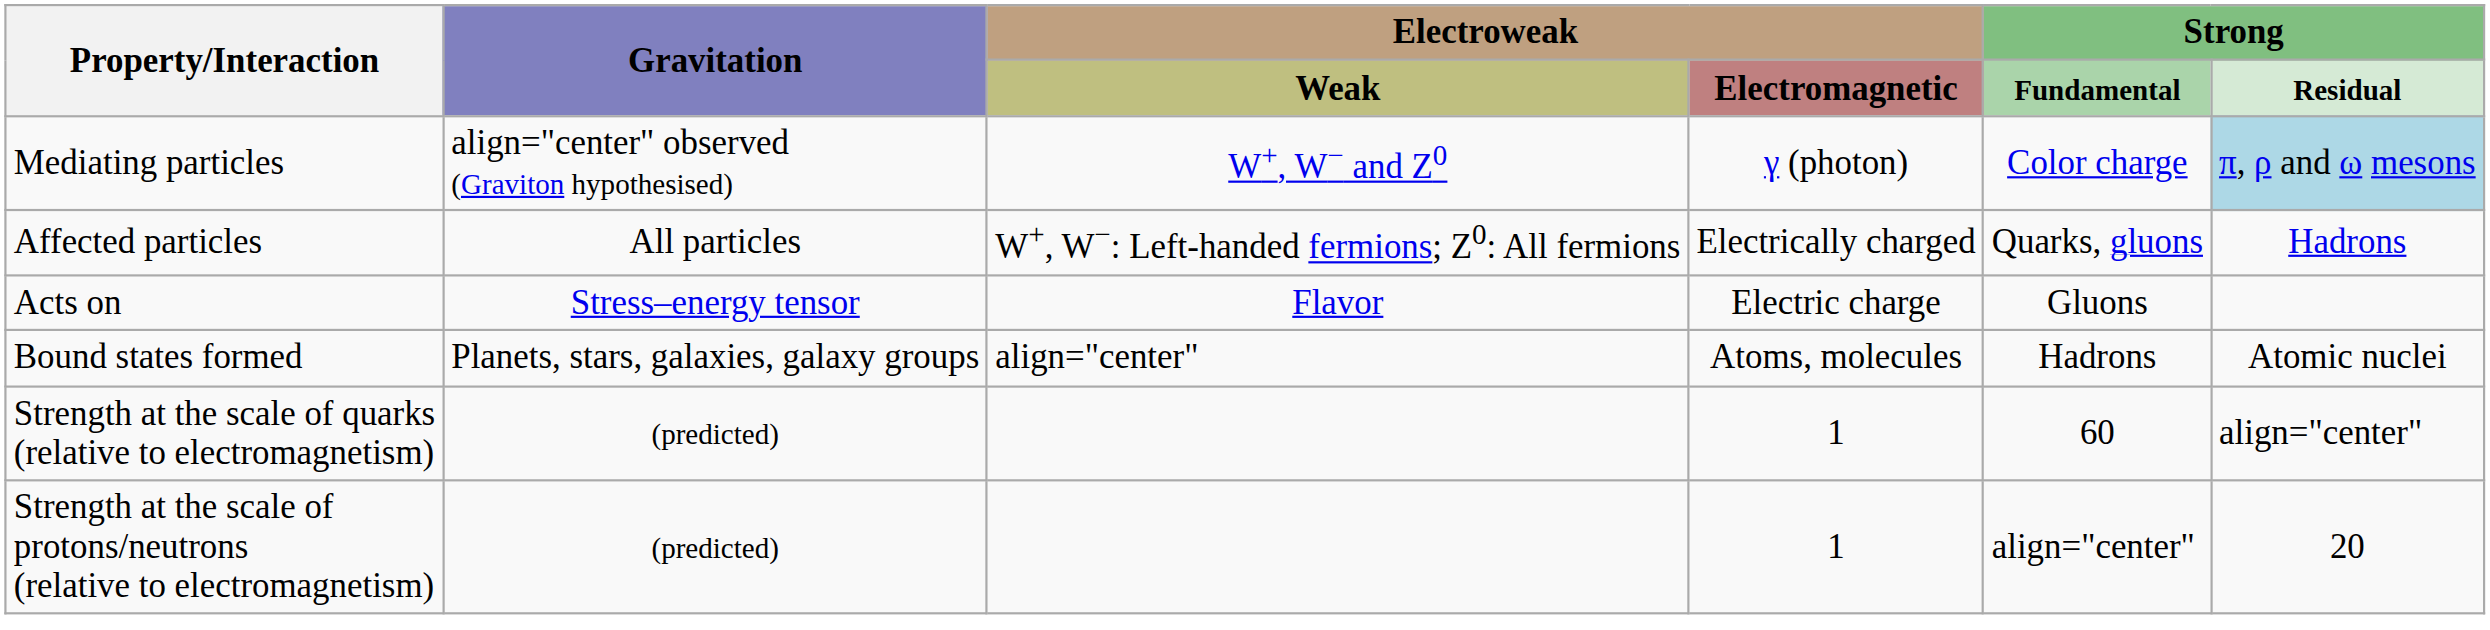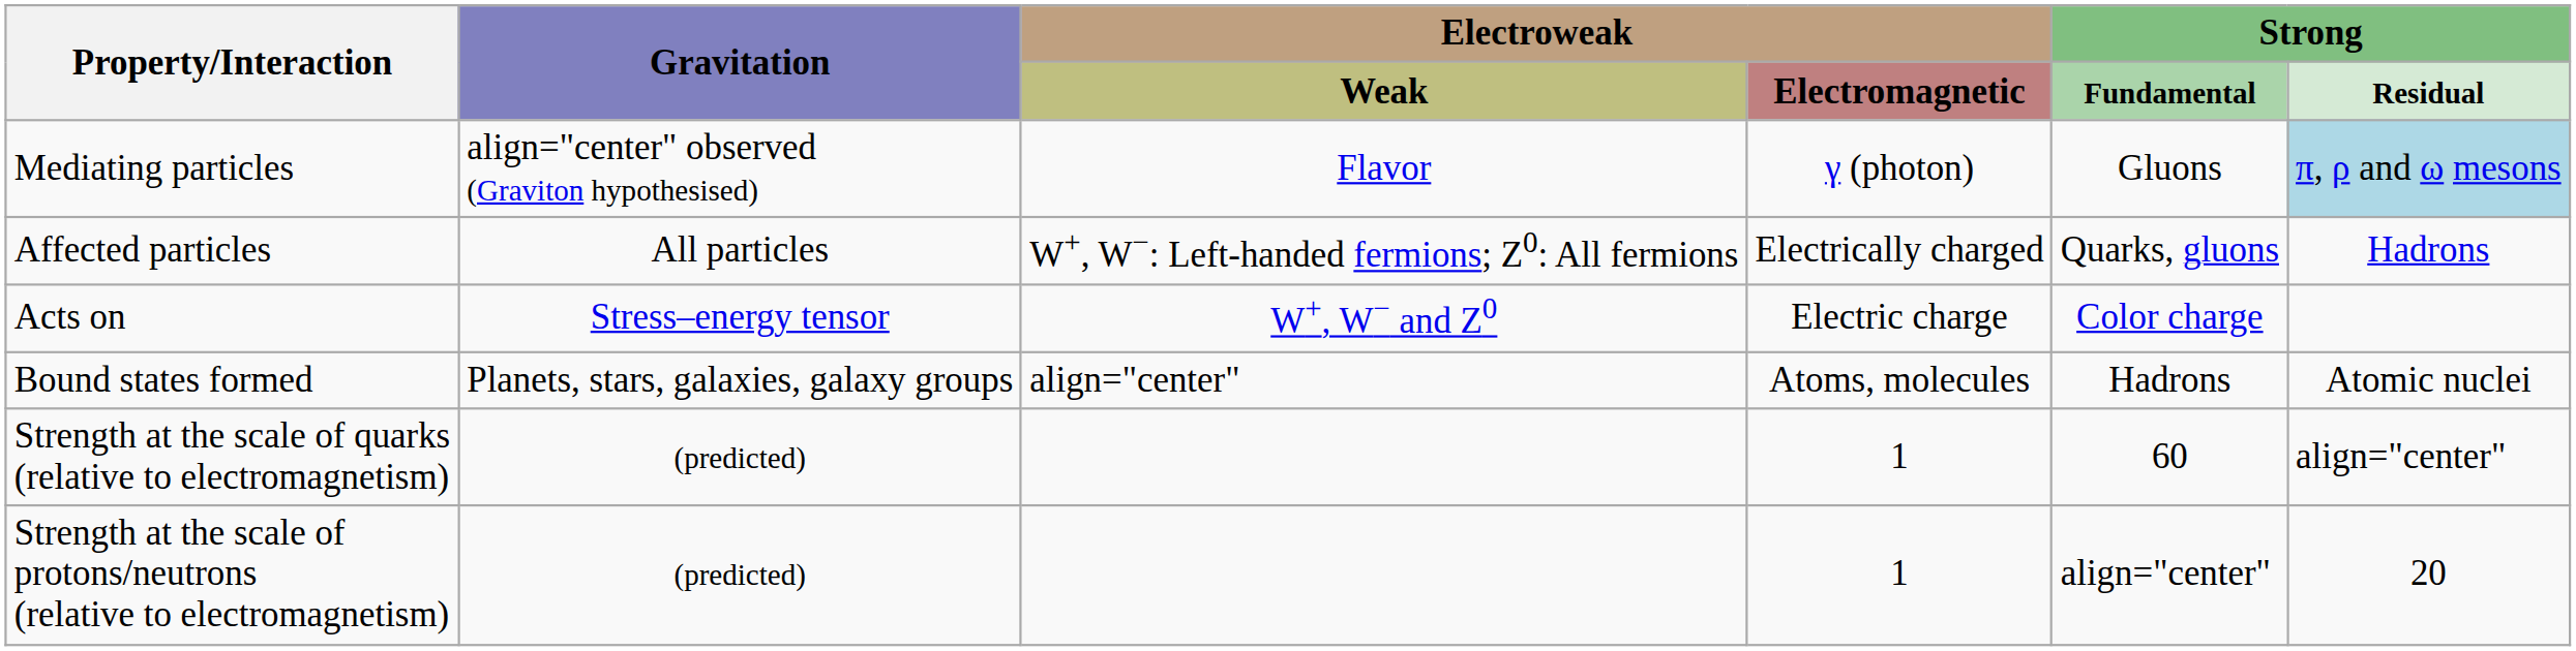 <table style="margin: 1em auto 1em auto;" class="wikitable floatcenter">
 <tr>
 <th style="" rowspan="2">Property/Interaction</th>
 <th style="background-color:#8080BF" rowspan="2">Gravitation</th>
 <th style="background-color:#BFA080" colspan="2">Electroweak</th>
 <th style="background-color:#80BF80" colspan="2">Strong</th>
 </tr>
 <tr>
 <th style="background-color:#BFBF80">Weak</th>
 <th style="background-color:#BF8080">Electromagnetic</th>
 <th style="background-color:#AAD4AA"><small>Fundamental</small></th>
 <th style="background-color:#D5EAD5"><small>Residual</small></th>
 </tr>
 <tr>
 <td>Mediating particles</td>
 <td>align="center"  observed<br><small>(<a href='#'>Graviton</a> hypothesised)</small></td>
-<td align="center"><a href='#'>W<sup>+</sup>, W<sup>−</sup> and Z<sup>0</sup></a></td>
+<td align="center"><a href='#'>Flavor</a></td>
 <td align="center"><a href='#'>γ</a> (photon)</td>
-<td align="center"><a href='#'>Color charge</a></td>
+<td align="center">Gluons</td>
 <td align="center" style="background: lightblue;"><a href='#'>π</a>, <a href='#'>ρ</a> and <a href='#'>ω</a> <a href='#'>mesons</a></td>
 </tr>
 <tr>
 <td>Affected particles</td>
 <td align="center">All particles</td>
 <td align="center">W<sup>+</sup>, W<sup>−</sup>: Left-handed <a href='#'>fermions</a>; Z<sup>0</sup>: All fermions</td>
 <td align="center">Electrically charged</td>
 <td align="center">Quarks, <a href='#'>gluons</a></td>
 <td align="center"><a href='#'>Hadrons</a></td>
 </tr>
 <tr>
 <td>Acts on</td>
 <td align="center"><a href='#'>Stress–energy tensor</a></td>
-<td align="center"><a href='#'>Flavor</a></td>
+<td align="center"><a href='#'>W<sup>+</sup>, W<sup>−</sup> and Z<sup>0</sup></a></td>
 <td align="center">Electric charge</td>
-<td align="center">Gluons</td>
+<td align="center"><a href='#'>Color charge</a></td>
 <td align="center"></td>
 </tr>
 <tr>
 <td>Bound states formed</td>
 <td align="center">Planets, stars, galaxies, galaxy groups</td>
 <td>align="center" </td>
 <td align="center">Atoms, molecules</td>
 <td align="center">Hadrons</td>
 <td align="center">Atomic nuclei</td>
 </tr>
 <tr>
 <td>Strength at the scale of quarks<br> (relative to electromagnetism)</td>
 <td align="center"> <small>(predicted)</small></td>
 <td align="center"></td>
 <td align="center">1</td>
 <td align="center">60</td>
 <td>align="center" </td>
 </tr>
 <tr>
 <td>Strength at the scale of <br>protons/neutrons <br> (relative to electromagnetism)</td>
 <td align="center"> <small>(predicted)</small></td>
 <td align="center"></td>
 <td align="center">1</td>
 <td>align="center" </td>
 <td align="center">20</td>
 </tr>
 </table>
